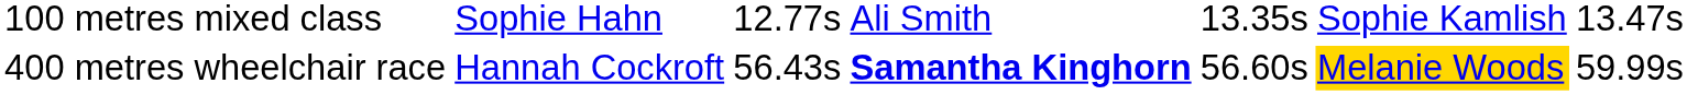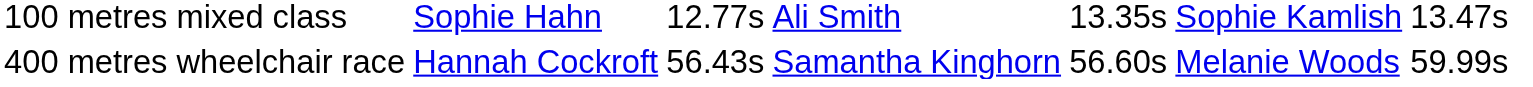 <table>
 <tr>
 <td>100 metres mixed class</td>
 <td><a href='#'>Sophie Hahn</a></td>
 <td>12.77s</td>
 <td><a href='#'>Ali Smith</a></td>
 <td>13.35s</td>
 <td><a href='#'>Sophie Kamlish</a></td>
 <td>13.47s</td>
 </tr>
 <tr>
 <td>400 metres wheelchair race</td>
 <td><a href='#'>Hannah Cockroft</a></td>
 <td>56.43s</td>
-<td><strong><a href='#'>Samantha Kinghorn</a></strong></td>
+<td><a href='#'>Samantha Kinghorn</a></td>
 <td>56.60s</td>
-<td style="background: gold;"><a href='#'>Melanie Woods</a></td>
+<td><a href='#'>Melanie Woods</a></td>
 <td>59.99s</td>
 </tr>
 </table>
